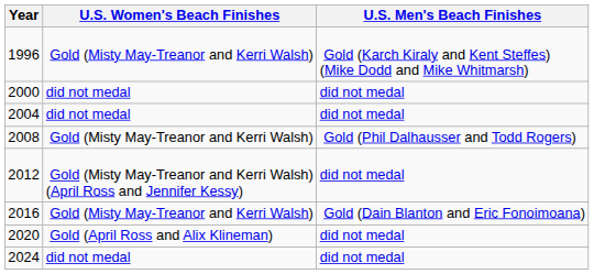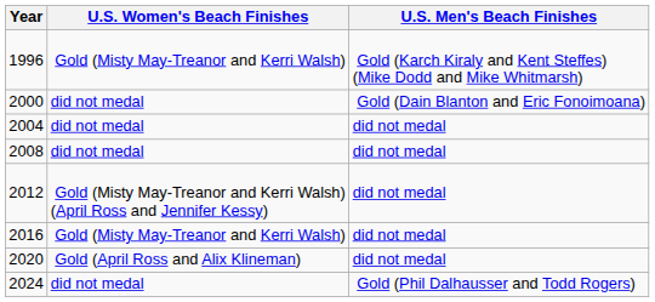 <table class="wikitable">
 <tr>
 <th>Year</th>
 <th><a href='#'>U.S. Women's Beach Finishes</a></th>
 <th><a href='#'>U.S. Men's Beach Finishes</a></th>
 </tr>
 <tr>
 <td>1996</td>
 <td> <a href='#'>Gold</a> (<a href='#'>Misty May-Treanor</a> and <a href='#'>Kerri Walsh</a>)</td>
 <td><br> <a href='#'>Gold</a> (<a href='#'>Karch Kiraly</a> and <a href='#'>Kent Steffes</a>) <br> (<a href='#'>Mike Dodd</a> and <a href='#'>Mike Whitmarsh</a>)</td>
 </tr>
 <tr>
 <td>2000</td>
 <td><a href='#'>did not medal</a></td>
-<td><a href='#'>did not medal</a></td>
+<td> <a href='#'>Gold</a> (<a href='#'>Dain Blanton</a> and <a href='#'>Eric Fonoimoana</a>)</td>
 </tr>
 <tr>
 <td>2004</td>
 <td><a href='#'>did not medal</a></td>
 <td><a href='#'>did not medal</a></td>
 </tr>
 <tr>
 <td>2008</td>
-<td> <a href='#'>Gold</a> (Misty May-Treanor and Kerri Walsh)</td>
-<td> <a href='#'>Gold</a> (<a href='#'>Phil Dalhausser</a> and <a href='#'>Todd Rogers</a>)</td>
+<td><a href='#'>did not medal</a></td>
+<td><a href='#'>did not medal</a></td>
 </tr>
 <tr>
 <td>2012</td>
 <td><br> <a href='#'>Gold</a> (Misty May-Treanor and Kerri Walsh) <br> (<a href='#'>April Ross</a> and <a href='#'>Jennifer Kessy</a>)</td>
 <td><a href='#'>did not medal</a></td>
 </tr>
 <tr>
 <td>2016</td>
 <td> <a href='#'>Gold</a> (<a href='#'>Misty May-Treanor</a> and <a href='#'>Kerri Walsh</a>)</td>
-<td> <a href='#'>Gold</a> (<a href='#'>Dain Blanton</a> and <a href='#'>Eric Fonoimoana</a>)</td>
+<td><a href='#'>did not medal</a></td>
 </tr>
 <tr>
 <td>2020</td>
 <td> <a href='#'>Gold</a> (<a href='#'>April Ross</a> and <a href='#'>Alix Klineman</a>)</td>
 <td><a href='#'>did not medal</a></td>
 </tr>
 <tr>
 <td>2024</td>
 <td><a href='#'>did not medal</a></td>
-<td><a href='#'>did not medal</a></td>
+<td> <a href='#'>Gold</a> (<a href='#'>Phil Dalhausser</a> and <a href='#'>Todd Rogers</a>)</td>
 </tr>
 </table>
